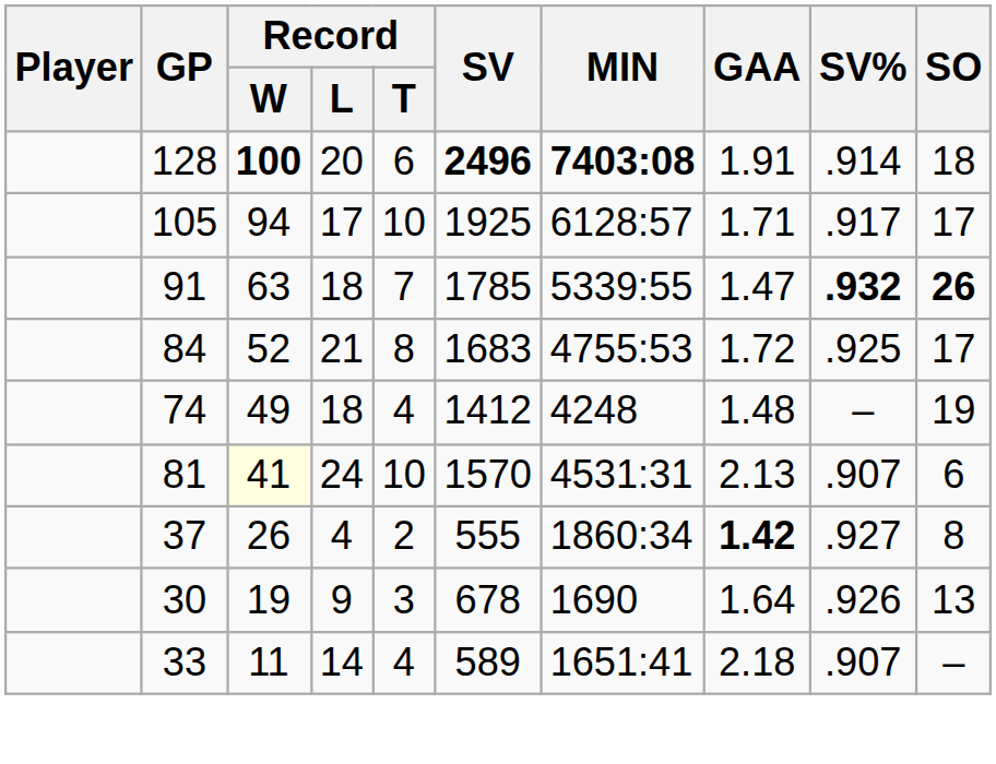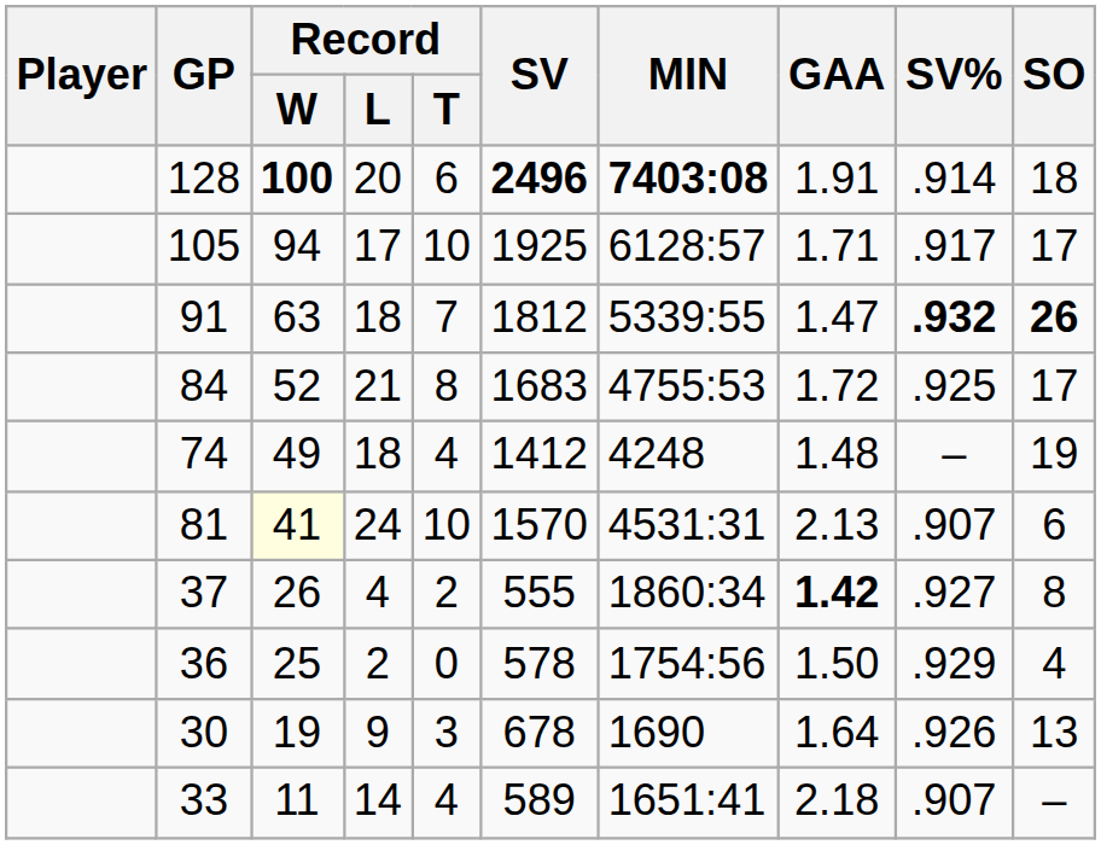 <table class="wikitable sortable" style="text-align:center;">
 <tr>
 <th rowspan="2">Player</th>
 <th rowspan="2">GP</th>
 <th colspan="3">Record</th>
 <th rowspan="2">SV</th>
 <th rowspan="2">MIN</th>
 <th rowspan="2">GAA</th>
 <th rowspan="2">SV%</th>
 <th rowspan="2">SO</th>
 </tr>
 <tr>
 <th>W</th>
 <th>L</th>
 <th>T</th>
 </tr>
 <tr>
 <td align="left"></td>
 <td>128</td>
 <td><strong>100</strong></td>
 <td>20</td>
 <td>6</td>
 <td><strong>2496</strong></td>
 <td align="left"><strong>7403:08</strong></td>
 <td>1.91</td>
 <td>.914</td>
 <td>18</td>
 </tr>
 <tr>
 <td align="left"></td>
 <td>105</td>
 <td>94</td>
 <td>17</td>
 <td>10</td>
 <td>1925</td>
 <td align="left">6128:57</td>
 <td>1.71</td>
 <td>.917</td>
 <td>17</td>
 </tr>
 <tr>
 <td align="left"></td>
 <td>91</td>
 <td>63</td>
 <td>18</td>
 <td>7</td>
-<td>1785</td>
+<td>1812</td>
 <td align="left">5339:55</td>
 <td>1.47</td>
 <td><strong>.932</strong></td>
 <td><strong>26</strong></td>
 </tr>
 <tr>
 <td align="left"></td>
 <td>84</td>
 <td>52</td>
 <td>21</td>
 <td>8</td>
 <td>1683</td>
 <td align="left">4755:53</td>
 <td>1.72</td>
 <td>.925</td>
 <td>17</td>
 </tr>
 <tr>
 <td align="left"></td>
 <td>74</td>
 <td>49</td>
 <td>18</td>
 <td>4</td>
 <td>1412</td>
 <td align="left">4248</td>
 <td>1.48</td>
 <td>–</td>
 <td>19</td>
 </tr>
 <tr>
 <td align="left"></td>
 <td>81</td>
 <td style="background: lightyellow;">41</td>
 <td>24</td>
 <td>10</td>
 <td>1570</td>
 <td align="left">4531:31</td>
 <td>2.13</td>
 <td>.907</td>
 <td>6</td>
 </tr>
 <tr>
 <td align="left"></td>
 <td>37</td>
 <td>26</td>
 <td>4</td>
 <td>2</td>
 <td>555</td>
 <td align="left">1860:34</td>
 <td><strong>1.42</strong></td>
 <td>.927</td>
 <td>8</td>
 </tr>
 <tr>
 <td align="left"></td>
+<td>36</td>
+<td>25</td>
+<td>2</td>
+<td>0</td>
+<td>578</td>
+<td align="left">1754:56</td>
+<td>1.50</td>
+<td>.929</td>
+<td>4</td>
+</tr>
+<tr>
+<td align="left"></td>
 <td>30</td>
 <td>19</td>
 <td>9</td>
 <td>3</td>
 <td>678</td>
 <td align="left">1690</td>
 <td>1.64</td>
 <td>.926</td>
 <td>13</td>
 </tr>
 <tr>
 <td align="left"></td>
 <td>33</td>
 <td>11</td>
 <td>14</td>
 <td>4</td>
 <td>589</td>
 <td align="left">1651:41</td>
 <td>2.18</td>
 <td>.907</td>
 <td>–</td>
 </tr>
 </table>
